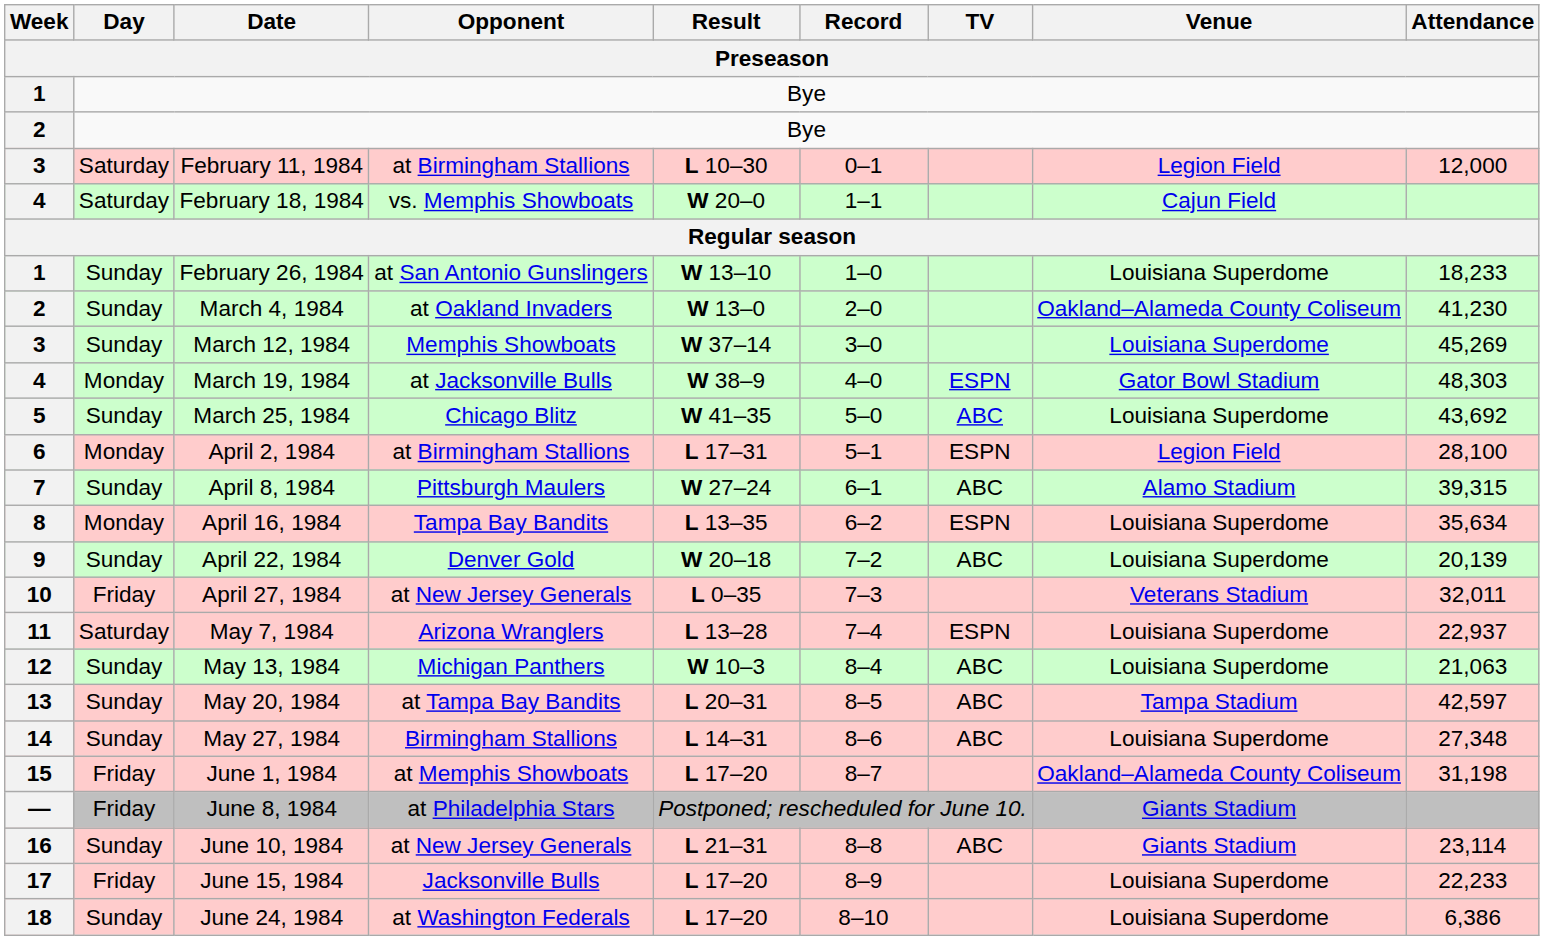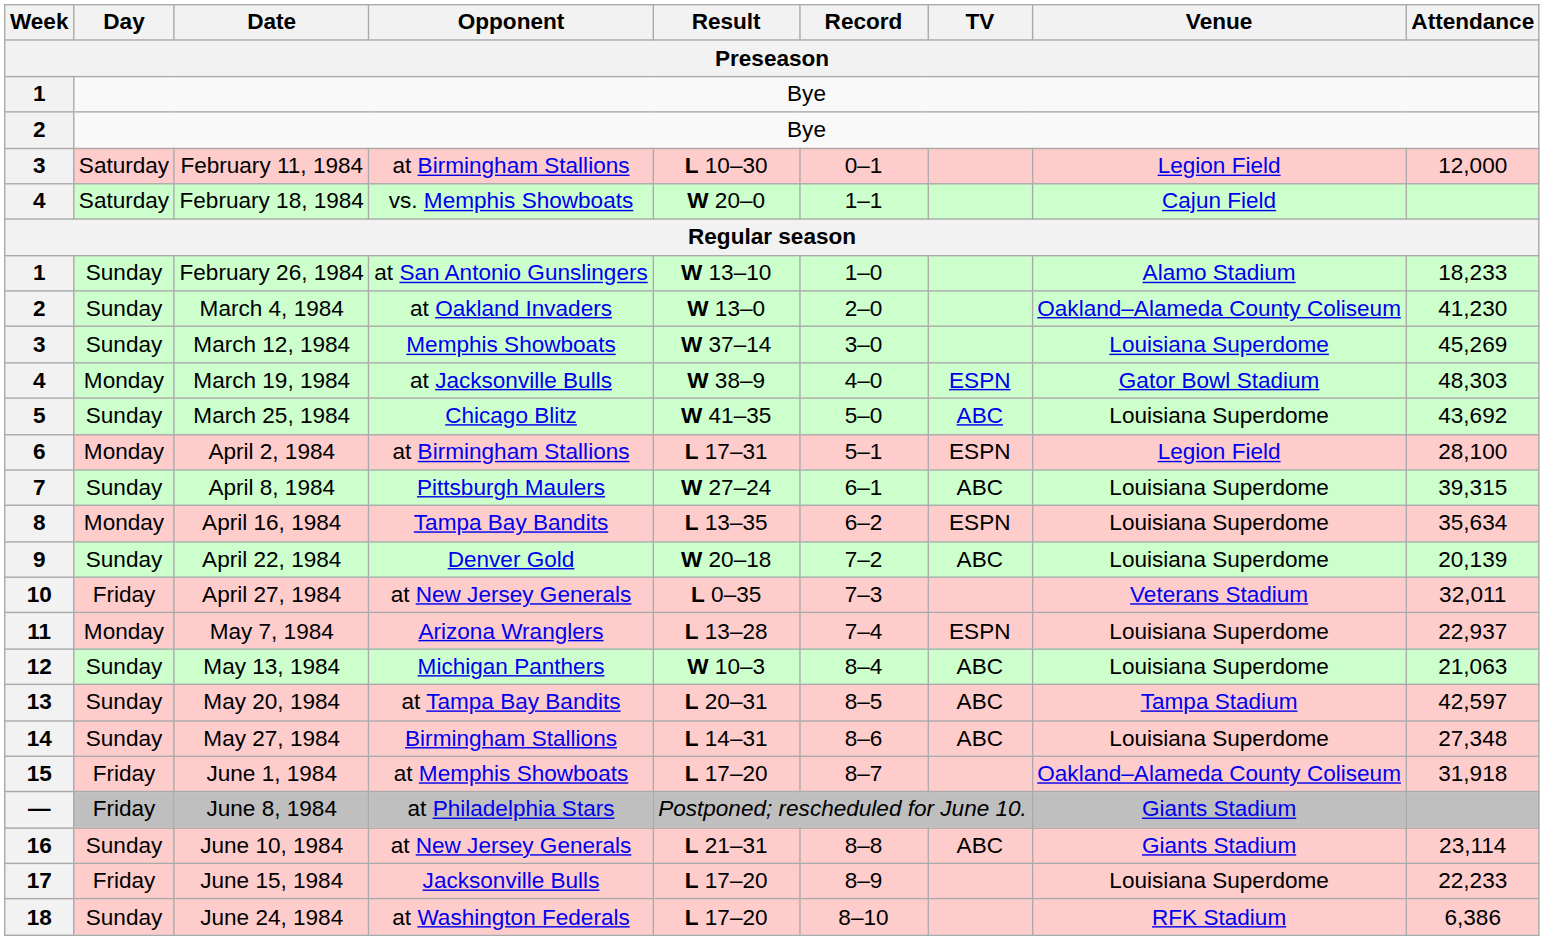 <table class="wikitable" style="text-align:center">
 <tr>
 <th>Week</th>
 <th>Day</th>
 <th>Date</th>
 <th>Opponent</th>
 <th>Result</th>
 <th>Record</th>
 <th>TV</th>
 <th>Venue</th>
 <th>Attendance</th>
 </tr>
 <tr>
 <th colspan="9">Preseason</th>
 </tr>
 <tr>
 <th>1</th>
 <td colspan=9>Bye</td>
 </tr>
 <tr>
 <th>2</th>
 <td colspan=9>Bye</td>
 </tr>
 <tr style="background:#fcc">
 <th>3</th>
 <td>Saturday</td>
 <td>February 11, 1984</td>
 <td>at <a href='#'>Birmingham Stallions</a></td>
 <td><strong>L</strong> 10–30</td>
 <td>0–1</td>
 <td></td>
 <td><a href='#'>Legion Field</a></td>
 <td>12,000</td>
 </tr>
 <tr style="background:#cfc">
 <th>4</th>
 <td>Saturday</td>
 <td>February 18, 1984</td>
 <td>vs. <a href='#'>Memphis Showboats</a></td>
 <td><strong>W</strong> 20–0</td>
 <td>1–1</td>
 <td></td>
 <td><a href='#'>Cajun Field</a></td>
 <td></td>
 </tr>
 <tr style="text-align:center;">
 <th colspan="9">Regular season</th>
 </tr>
 <tr style="background:#cfc">
 <th>1</th>
 <td>Sunday</td>
 <td>February 26, 1984</td>
 <td>at <a href='#'>San Antonio Gunslingers</a></td>
 <td><strong>W</strong> 13–10</td>
 <td>1–0</td>
 <td></td>
-<td>Louisiana Superdome</td>
+<td><a href='#'>Alamo Stadium</a></td>
 <td>18,233</td>
 </tr>
 <tr style="background:#cfc">
 <th>2</th>
 <td>Sunday</td>
 <td>March 4, 1984</td>
 <td>at <a href='#'>Oakland Invaders</a></td>
 <td><strong>W</strong> 13–0</td>
 <td>2–0</td>
 <td></td>
 <td><a href='#'>Oakland–Alameda County Coliseum</a></td>
 <td>41,230</td>
 </tr>
 <tr style="background:#cfc">
 <th>3</th>
 <td>Sunday</td>
 <td>March 12, 1984</td>
 <td><a href='#'>Memphis Showboats</a></td>
 <td><strong>W</strong> 37–14</td>
 <td>3–0</td>
 <td></td>
 <td><a href='#'>Louisiana Superdome</a></td>
 <td>45,269</td>
 </tr>
 <tr style="background:#cfc">
 <th>4</th>
 <td>Monday</td>
 <td>March 19, 1984</td>
 <td>at <a href='#'>Jacksonville Bulls</a></td>
 <td><strong>W</strong> 38–9</td>
 <td>4–0</td>
 <td><a href='#'>ESPN</a></td>
 <td><a href='#'>Gator Bowl Stadium</a></td>
 <td>48,303</td>
 </tr>
 <tr style="background:#cfc">
 <th>5</th>
 <td>Sunday</td>
 <td>March 25, 1984</td>
 <td><a href='#'>Chicago Blitz</a></td>
 <td><strong>W</strong> 41–35 </td>
 <td>5–0</td>
 <td><a href='#'>ABC</a></td>
 <td>Louisiana Superdome</td>
 <td>43,692</td>
 </tr>
 <tr style="background:#fcc">
 <th>6</th>
 <td>Monday</td>
 <td>April 2, 1984</td>
 <td>at <a href='#'>Birmingham Stallions</a></td>
 <td><strong>L</strong> 17–31</td>
 <td>5–1</td>
 <td>ESPN</td>
 <td><a href='#'>Legion Field</a></td>
 <td>28,100</td>
 </tr>
 <tr style="background:#cfc">
 <th>7</th>
 <td>Sunday</td>
 <td>April 8, 1984</td>
 <td><a href='#'>Pittsburgh Maulers</a></td>
 <td><strong>W</strong> 27–24</td>
 <td>6–1</td>
 <td>ABC</td>
-<td><a href='#'>Alamo Stadium</a></td>
+<td>Louisiana Superdome</td>
 <td>39,315</td>
 </tr>
 <tr style="background:#fcc">
 <th>8</th>
 <td>Monday</td>
 <td>April 16, 1984</td>
 <td><a href='#'>Tampa Bay Bandits</a></td>
 <td><strong>L</strong> 13–35</td>
 <td>6–2</td>
 <td>ESPN</td>
 <td>Louisiana Superdome</td>
 <td>35,634</td>
 </tr>
 <tr style="background:#cfc">
 <th>9</th>
 <td>Sunday</td>
 <td>April 22, 1984</td>
 <td><a href='#'>Denver Gold</a></td>
 <td><strong>W</strong> 20–18</td>
 <td>7–2</td>
 <td>ABC</td>
 <td>Louisiana Superdome</td>
 <td>20,139</td>
 </tr>
 <tr style="background:#fcc">
 <th>10</th>
 <td>Friday</td>
 <td>April 27, 1984</td>
 <td>at <a href='#'>New Jersey Generals</a></td>
 <td><strong>L</strong> 0–35</td>
 <td>7–3</td>
 <td></td>
 <td><a href='#'>Veterans Stadium</a></td>
 <td>32,011</td>
 </tr>
 <tr style="background:#fcc">
 <th>11</th>
-<td>Saturday</td>
+<td>Monday</td>
 <td>May 7, 1984</td>
 <td><a href='#'>Arizona Wranglers</a></td>
 <td><strong>L</strong> 13–28</td>
 <td>7–4</td>
 <td>ESPN</td>
 <td>Louisiana Superdome</td>
 <td>22,937</td>
 </tr>
 <tr style="background:#cfc">
 <th>12</th>
 <td>Sunday</td>
 <td>May 13, 1984</td>
 <td><a href='#'>Michigan Panthers</a></td>
 <td><strong>W</strong> 10–3</td>
 <td>8–4</td>
 <td>ABC</td>
 <td>Louisiana Superdome</td>
 <td>21,063</td>
 </tr>
 <tr style="background:#fcc">
 <th>13</th>
 <td>Sunday</td>
 <td>May 20, 1984</td>
 <td>at <a href='#'>Tampa Bay Bandits</a></td>
 <td><strong>L</strong> 20–31</td>
 <td>8–5</td>
 <td>ABC</td>
 <td><a href='#'>Tampa Stadium</a></td>
 <td>42,597</td>
 </tr>
 <tr style="background:#fcc">
 <th>14</th>
 <td>Sunday</td>
 <td>May 27, 1984</td>
 <td><a href='#'>Birmingham Stallions</a></td>
 <td><strong>L</strong> 14–31</td>
 <td>8–6</td>
 <td>ABC</td>
 <td>Louisiana Superdome</td>
 <td>27,348</td>
 </tr>
 <tr style="background:#fcc">
 <th>15</th>
 <td>Friday</td>
 <td>June 1, 1984</td>
 <td>at <a href='#'>Memphis Showboats</a></td>
 <td><strong>L</strong> 17–20</td>
 <td>8–7</td>
 <td></td>
 <td><a href='#'>Oakland–Alameda County Coliseum</a></td>
-<td>31,198</td>
+<td>31,918</td>
 </tr>
 <tr style="text-align:center; background:#BFBFBF;">
 <th>—</th>
 <td>Friday</td>
 <td>June 8, 1984</td>
 <td>at <a href='#'>Philadelphia Stars</a></td>
 <td colspan=3><em>Postponed; rescheduled for June 10.</em></td>
 <td><a href='#'>Giants Stadium</a></td>
 <td></td>
 </tr>
 <tr style="background:#fcc">
 <th>16</th>
 <td>Sunday</td>
 <td>June 10, 1984</td>
 <td>at <a href='#'>New Jersey Generals</a></td>
 <td><strong>L</strong> 21–31</td>
 <td>8–8</td>
 <td>ABC</td>
 <td><a href='#'>Giants Stadium</a></td>
 <td>23,114</td>
 </tr>
 <tr style="background:#fcc">
 <th>17</th>
 <td>Friday</td>
 <td>June 15, 1984</td>
 <td><a href='#'>Jacksonville Bulls</a></td>
 <td><strong>L</strong> 17–20 </td>
 <td>8–9</td>
 <td></td>
 <td>Louisiana Superdome</td>
 <td>22,233</td>
 </tr>
 <tr style="background:#fcc">
 <th>18</th>
 <td>Sunday</td>
 <td>June 24, 1984</td>
 <td>at <a href='#'>Washington Federals</a></td>
 <td><strong>L</strong> 17–20</td>
 <td>8–10</td>
 <td></td>
-<td>Louisiana Superdome</td>
+<td><a href='#'>RFK Stadium</a></td>
 <td>6,386</td>
 </tr>
 </table>
